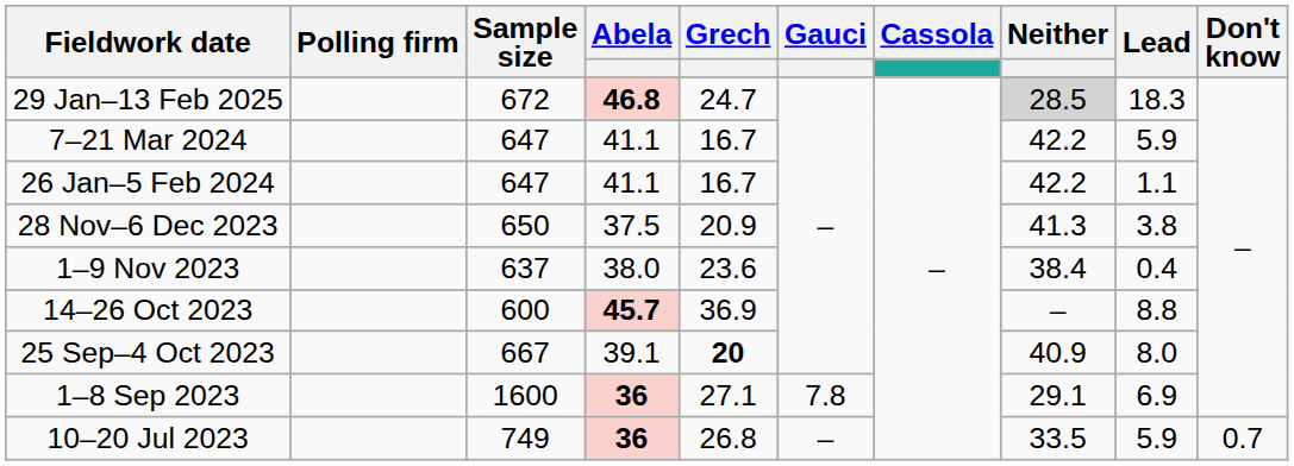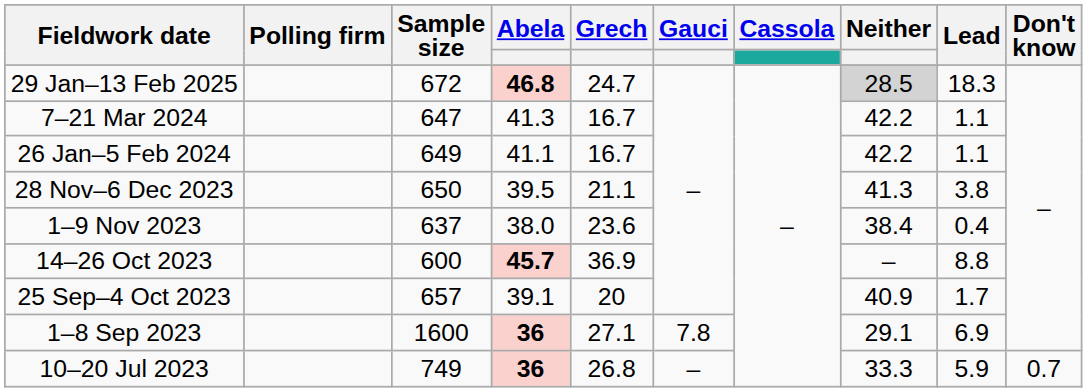 <table class="wikitable sortable" style="text-align:center;font-size:90%;line-height:14px;">
 <tr>
 <th rowspan="2">Fieldwork date</th>
 <th rowspan="2">Polling firm</th>
 <th rowspan="2">Sample<br>size</th>
 <th><a href='#'>Abela</a></th>
 <th><a href='#'>Grech</a></th>
 <th><a href='#'>Gauci</a></th>
 <th><a href='#'>Cassola</a></th>
 <th>Neither</th>
 <th rowspan="2">Lead</th>
 <th rowspan="2">Don't<br>know</th>
 </tr>
 <tr>
 <th style="background:"></th>
 <th style="background:"></th>
 <th style="background:"></th>
 <th style="background:#1BA99E;"></th>
 <th style="background:"></th>
 </tr>
 <tr>
 <td data-sort-value="2025-02-27">29 Jan–13 Feb 2025</td>
 <td></td>
 <td>672</td>
 <td style="background:#FBD1CE;"><strong>46.8</strong></td>
 <td>24.7</td>
 <td rowspan="7">–</td>
 <td rowspan="9">–</td>
 <td style="background: lightgrey;">28.5</td>
 <td style="background:"><span>18.3</span></td>
 <td rowspan="8">–</td>
 </tr>
 <tr>
 <td data-sort-value="2024-03-21">7–21 Mar 2024</td>
 <td></td>
 <td>647</td>
-<td>41.1</td>
+<td>41.3</td>
 <td>16.7</td>
 <td style="background:"><span>42.2</span></td>
-<td style="background:"><span>5.9</span></td>
+<td style="background:"><span>1.1</span></td>
 </tr>
 <tr>
 <td data-sort-value="2024-02-05">26 Jan–5 Feb 2024</td>
 <td></td>
-<td>647</td>
+<td>649</td>
 <td>41.1</td>
 <td>16.7</td>
 <td style="background:"><span>42.2</span></td>
 <td style="background:"><span>1.1</span></td>
 </tr>
 <tr>
 <td data-sort-value="2023-12-06">28 Nov–6 Dec 2023</td>
 <td></td>
 <td>650</td>
-<td>37.5</td>
-<td>20.9</td>
+<td>39.5</td>
+<td>21.1</td>
 <td style="background:"><span>41.3</span></td>
 <td style="background:"><span>3.8</span></td>
 </tr>
 <tr>
 <td data-sort-value="2023-11-09">1–9 Nov 2023</td>
 <td></td>
 <td>637</td>
 <td>38.0</td>
 <td>23.6</td>
 <td style="background:"><span>38.4</span></td>
 <td style="background:"><span>0.4</span></td>
 </tr>
 <tr>
 <td data-sort-value="2023-10-26">14–26 Oct 2023</td>
 <td></td>
 <td>600</td>
 <th style="background:#FBD1CE;">45.7</th>
 <td>36.9</td>
 <td>–</td>
 <td style="background:"><span>8.8</span></td>
 </tr>
 <tr>
 <td data-sort-value="2023-10-04">25 Sep–4 Oct 2023</td>
 <td></td>
-<td>667</td>
+<td>657</td>
 <td>39.1</td>
-<td><strong>20</strong></td>
+<td>20</td>
 <td style="background:"><span>40.9</span></td>
-<td style="background:"><span>8.0</span></td>
+<td style="background:"><span>1.7</span></td>
 </tr>
 <tr>
 <td data-sort-value="2023-09-08">1–8 Sep 2023</td>
 <td></td>
 <td>1600</td>
 <td style="background:#FBD1CE;"><strong>36</strong></td>
 <td>27.1</td>
 <td>7.8</td>
 <td>29.1</td>
 <td style="background:"><span>6.9</span></td>
 </tr>
 <tr>
 <td data-sort-value="2023-07-20">10–20 Jul 2023</td>
 <td></td>
 <td>749</td>
 <td style="background:#FBD1CE;"><strong>36</strong></td>
 <td>26.8</td>
 <td>–</td>
-<td>33.5</td>
+<td>33.3</td>
 <td style="background:"><span>5.9</span></td>
 <td>0.7</td>
 </tr>
 </table>
